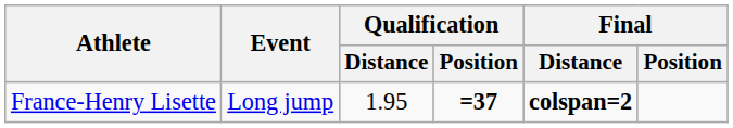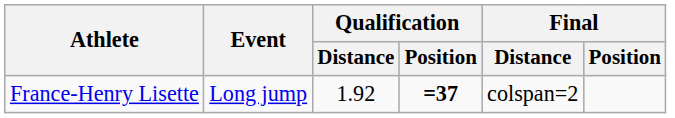 <table class=wikitable style=font-size:90%>
 <tr>
 <th rowspan=2>Athlete</th>
 <th rowspan=2>Event</th>
 <th colspan=2>Qualification</th>
 <th colspan=2>Final</th>
 </tr>
 <tr style=font-size:95%>
 <th>Distance</th>
 <th>Position</th>
 <th>Distance</th>
 <th>Position</th>
 </tr>
 <tr align=center>
 <td align=left><a href='#'>France-Henry Lisette</a></td>
 <td align=left><a href='#'>Long jump</a></td>
-<td>1.95</td>
+<td>1.92</td>
 <td><strong>=37</strong></td>
-<td><strong>colspan=2 </strong></td>
+<td>colspan=2 </td>
 </tr>
 </table>
